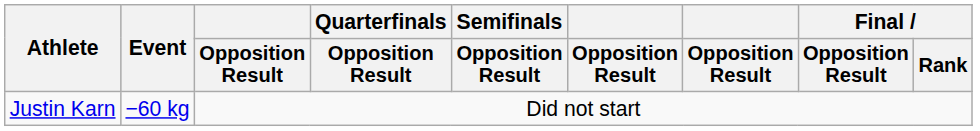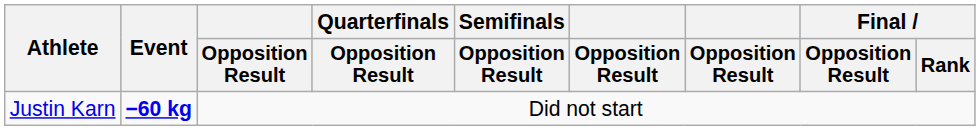 <table class="wikitable" style="font-size:90%">
 <tr>
 <th rowspan="2">Athlete</th>
 <th rowspan="2">Event</th>
 <th></th>
 <th>Quarterfinals</th>
 <th>Semifinals</th>
 <th></th>
 <th></th>
 <th colspan="2">Final / </th>
 </tr>
 <tr style="font-size:95%">
 <th>Opposition<br>Result</th>
 <th>Opposition<br>Result</th>
 <th>Opposition<br>Result</th>
 <th>Opposition<br>Result</th>
 <th>Opposition<br>Result</th>
 <th>Opposition<br>Result</th>
 <th>Rank</th>
 </tr>
 <tr align=center>
 <td align=left><a href='#'>Justin Karn</a></td>
-<td align=left><a href='#'>−60 kg</a></td>
+<td align=left><strong><a href='#'>−60 kg</a></strong></td>
 <td colspan=7>Did not start</td>
 </tr>
 </table>
